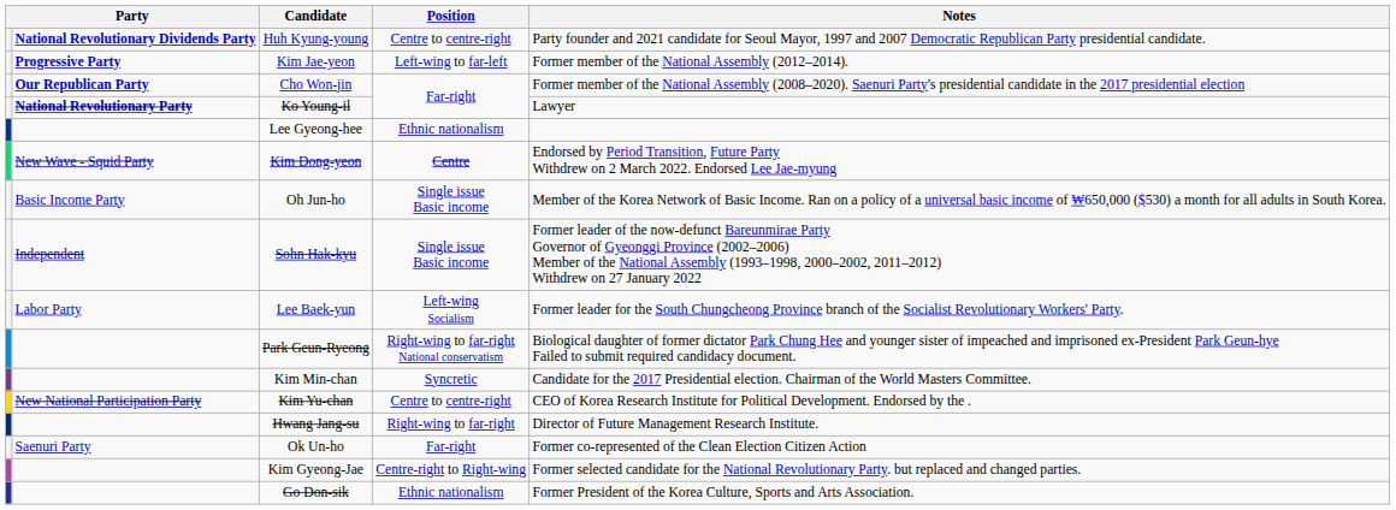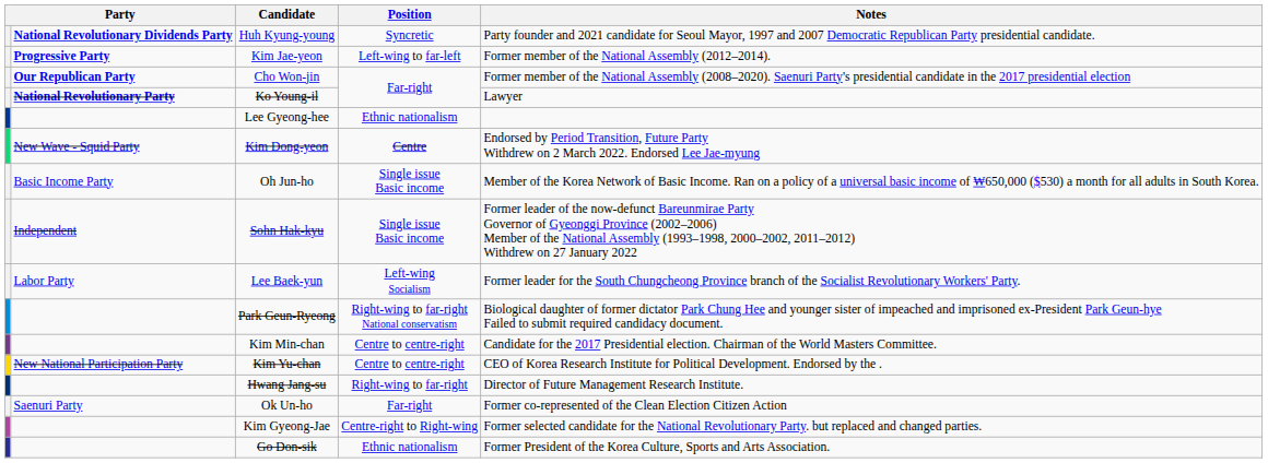 <table class ="wikitable" style="font-size:92%">
 <tr>
 <th colspan=2>Party</th>
 <th>Candidate</th>
 <th><a href='#'>Position</a></th>
 <th>Notes</th>
 </tr>
 <tr>
 <th style="background-color: "></th>
 <td><strong><a href='#'>National Revolutionary Dividends Party</a></strong></td>
 <td style="text-align:center"><a href='#'>Huh Kyung-young</a></td>
-<td style="text-align:center"><a href='#'>Centre</a> to <a href='#'>centre-right</a></td>
+<td style="text-align:center"><a href='#'>Syncretic</a></td>
 <td>Party founder and 2021 candidate for Seoul Mayor, 1997 and 2007 <a href='#'>Democratic Republican Party</a> presidential candidate.</td>
 </tr>
 <tr>
 <th style="background-color: "></th>
 <td><strong><a href='#'>Progressive Party</a></strong></td>
 <td style="text-align:center"><a href='#'>Kim Jae-yeon</a></td>
 <td style="text-align:center"><a href='#'>Left-wing</a> to <a href='#'>far-left</a></td>
 <td>Former member of the <a href='#'>National Assembly</a> (2012–2014).</td>
 </tr>
 <tr>
 <th style="background-color: "></th>
 <td><strong><a href='#'>Our Republican Party</a></strong></td>
 <td style="text-align:center"><a href='#'>Cho Won-jin</a></td>
 <td rowspan="2" style="text-align:center"><a href='#'>Far-right</a></td>
 <td>Former member of the <a href='#'>National Assembly</a> (2008–2020). <a href='#'>Saenuri Party</a>'s presidential candidate in the <a href='#'>2017 presidential election</a></td>
 </tr>
 <tr>
 <th style="background-color: "></th>
 <td><s><strong><a href='#'>National Revolutionary Party</a></strong></s></td>
 <td style="text-align:center"><s>Ko Young-il</s></td>
 <td>Lawyer</td>
 </tr>
 <tr>
 <th style="background-color: #003793"></th>
 <td><strong></strong></td>
 <td style="text-align:center">Lee Gyeong-hee</td>
 <td style="text-align:center"><a href='#'>Ethnic nationalism</a></td>
 <td></td>
 </tr>
 <tr>
 <th style="background-color: #12d77b"></th>
 <td><s><a href='#'>New Wave - Squid Party</a></s></td>
 <td style="text-align:center"><s><a href='#'>Kim Dong-yeon</a></s></td>
 <td style="text-align:center"><s><a href='#'>Centre</a></s></td>
 <td>Endorsed by <a href='#'>Period Transition</a>, <a href='#'>Future Party</a><br>Withdrew on 2 March 2022. Endorsed <a href='#'>Lee Jae-myung</a></td>
 </tr>
 <tr>
 <th style="background-color:"></th>
 <td><a href='#'>Basic Income Party</a></td>
 <td style="text-align:center">Oh Jun-ho</td>
 <td style="text-align:center"><a href='#'>Single issue</a><br><a href='#'>Basic income</a><br></td>
 <td>Member of the Korea Network of Basic Income. Ran on a policy of a <a href='#'>universal basic income</a> of <a href='#'>₩</a>650,000 (<a href='#'>$</a>530) a month for all adults in South Korea.</td>
 </tr>
 <tr>
 <th style="background-color:"></th>
 <td><s><a href='#'>Independent</a></s></td>
 <td style="text-align:center"><s> <a href='#'>Sohn Hak-kyu</a></s></td>
 <td style="text-align:center"><a href='#'>Single issue</a><br><a href='#'>Basic income</a><br></td>
 <td>Former leader of the now-defunct <a href='#'>Bareunmirae Party</a><br>Governor of <a href='#'>Gyeonggi Province</a> (2002–2006)<br>Member of the <a href='#'>National Assembly</a> (1993–1998, 2000–2002, 2011–2012) <br> Withdrew on 27 January 2022</td>
 </tr>
 <tr>
 <th style="background-color:"></th>
 <td><a href='#'>Labor Party</a></td>
 <td style="text-align:center"><a href='#'>Lee Baek-yun</a></td>
 <td style="text-align:center"><a href='#'>Left-wing</a> <br><small><a href='#'>Socialism</a><br></small></td>
 <td>Former leader for the <a href='#'>South Chungcheong Province</a> branch of the <a href='#'>Socialist Revolutionary Workers' Party</a>.</td>
 </tr>
 <tr>
 <th style="background-color:#008DD7"></th>
 <td><s></s></td>
 <td style="text-align:center"><s>Park Geun-Ryeong</s></td>
 <td style="text-align:center"><a href='#'>Right-wing</a> to <a href='#'>far-right</a><br><small><a href='#'>National conservatism</a><br></small></td>
 <td>Biological daughter of former dictator <a href='#'>Park Chung Hee</a> and younger sister of impeached and imprisoned ex-President <a href='#'>Park Geun-hye</a><br>Failed to submit required candidacy document.</td>
 </tr>
 <tr>
 <th style="background-color:#733A87"></th>
 <td></td>
 <td style="text-align:center">Kim Min-chan</td>
-<td style="text-align:center"><a href='#'>Syncretic</a></td>
+<td style="text-align:center"><a href='#'>Centre</a> to <a href='#'>centre-right</a></td>
 <td>Candidate for the <a href='#'>2017</a> Presidential election. Chairman of the World Masters Committee.</td>
 </tr>
 <tr>
 <th style="background-color:#FFD700"></th>
 <td><s><a href='#'>New National Participation Party</a></s></td>
 <td style="text-align:center"><s>Kim Yu-chan</s></td>
 <td style="text-align:center"><a href='#'>Centre</a> to <a href='#'>centre-right</a></td>
 <td>CEO of Korea Research Institute for Political Development. Endorsed by the .</td>
 </tr>
 <tr>
 <th style="background-color:#002E73"></th>
 <td><s></s></td>
 <td style="text-align:center"><s>Hwang Jang-su</s></td>
 <td style="text-align:center"><a href='#'>Right-wing</a> to <a href='#'>far-right</a></td>
 <td>Director of Future Management Research Institute.</td>
 </tr>
 <tr>
 <th style="background-color:"></th>
 <td><a href='#'>Saenuri Party</a></td>
 <td style="text-align:center">Ok Un-ho</td>
 <td style="text-align:center"><a href='#'>Far-right</a></td>
 <td>Former co-represented of the Clean Election Citizen Action</td>
 </tr>
 <tr>
 <th style="background-color:#AD469F"></th>
 <td></td>
 <td style="text-align:center">Kim Gyeong-Jae</td>
 <td style="text-align:center"><a href='#'>Centre-right</a> to <a href='#'>Right-wing</a></td>
 <td>Former selected candidate for the <a href='#'>National Revolutionary Party</a>. but replaced and changed parties.</td>
 </tr>
 <tr>
 <th style="background-color:#292C93"></th>
 <td><s></s></td>
 <td style="text-align:center"><s>Go Don-sik</s></td>
 <td style="text-align:center"><a href='#'>Ethnic nationalism</a></td>
 <td>Former President of the Korea Culture, Sports and Arts Association.</td>
 </tr>
 </table>
